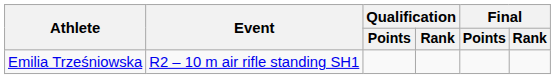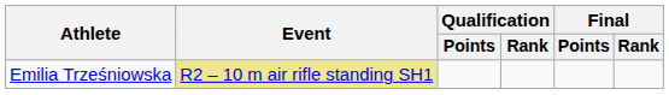 <table class="wikitable" style="font-size:90%">
 <tr>
 <th rowspan="2">Athlete</th>
 <th rowspan="2">Event</th>
 <th colspan="2">Qualification</th>
 <th colspan="2">Final</th>
 </tr>
 <tr style="font-size:95%">
 <th>Points</th>
 <th>Rank</th>
 <th>Points</th>
 <th>Rank</th>
 </tr>
 <tr align=center>
 <td align=left><a href='#'>Emilia Trześniowska</a></td>
-<td align=left><a href='#'>R2 – 10 m air rifle standing SH1</a></td>
+<td align=left style="background: khaki;"><a href='#'>R2 – 10 m air rifle standing SH1</a></td>
 <td></td>
 <td></td>
 <td></td>
 <td></td>
 </tr>
 </table>
